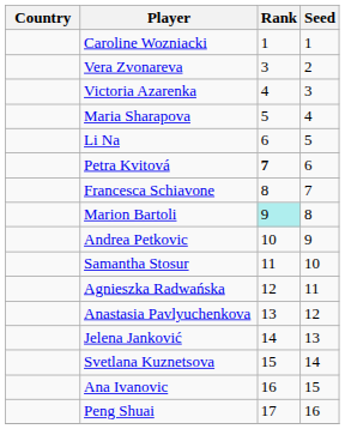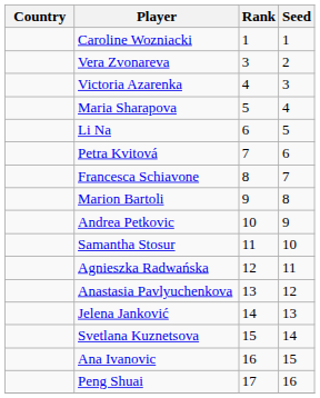 <table class="wikitable" border="1">
 <tr>
 <th width="70">Country</th>
 <th width="175">Player</th>
 <th>Rank</th>
 <th>Seed</th>
 </tr>
 <tr>
 <td></td>
 <td><a href='#'>Caroline Wozniacki</a></td>
 <td>1</td>
 <td>1</td>
 </tr>
 <tr>
 <td></td>
 <td><a href='#'>Vera Zvonareva</a></td>
 <td>3</td>
 <td>2</td>
 </tr>
 <tr>
 <td></td>
 <td><a href='#'>Victoria Azarenka</a></td>
 <td>4</td>
 <td>3</td>
 </tr>
 <tr>
 <td></td>
 <td><a href='#'>Maria Sharapova</a></td>
 <td>5</td>
 <td>4</td>
 </tr>
 <tr>
 <td></td>
 <td><a href='#'>Li Na</a></td>
 <td>6</td>
 <td>5</td>
 </tr>
 <tr>
 <td></td>
 <td><a href='#'>Petra Kvitová</a></td>
-<td><strong>7</strong></td>
+<td>7</td>
 <td>6</td>
 </tr>
 <tr>
 <td></td>
 <td><a href='#'>Francesca Schiavone</a></td>
 <td>8</td>
 <td>7</td>
 </tr>
 <tr>
 <td></td>
 <td><a href='#'>Marion Bartoli</a></td>
-<td style="background: paleturquoise;">9</td>
+<td>9</td>
 <td>8</td>
 </tr>
 <tr>
 <td></td>
 <td><a href='#'>Andrea Petkovic</a></td>
 <td>10</td>
 <td>9</td>
 </tr>
 <tr>
 <td></td>
 <td><a href='#'>Samantha Stosur</a></td>
 <td>11</td>
 <td>10</td>
 </tr>
 <tr>
 <td></td>
 <td><a href='#'>Agnieszka Radwańska</a></td>
 <td>12</td>
 <td>11</td>
 </tr>
 <tr>
 <td></td>
 <td><a href='#'>Anastasia Pavlyuchenkova</a></td>
 <td>13</td>
 <td>12</td>
 </tr>
 <tr>
 <td></td>
 <td><a href='#'>Jelena Janković</a></td>
 <td>14</td>
 <td>13</td>
 </tr>
 <tr>
 <td></td>
 <td><a href='#'>Svetlana Kuznetsova</a></td>
 <td>15</td>
 <td>14</td>
 </tr>
 <tr>
 <td></td>
 <td><a href='#'>Ana Ivanovic</a></td>
 <td>16</td>
 <td>15</td>
 </tr>
 <tr>
 <td></td>
 <td><a href='#'>Peng Shuai</a></td>
 <td>17</td>
 <td>16</td>
 </tr>
 <tr>
 </tr>
 </table>
